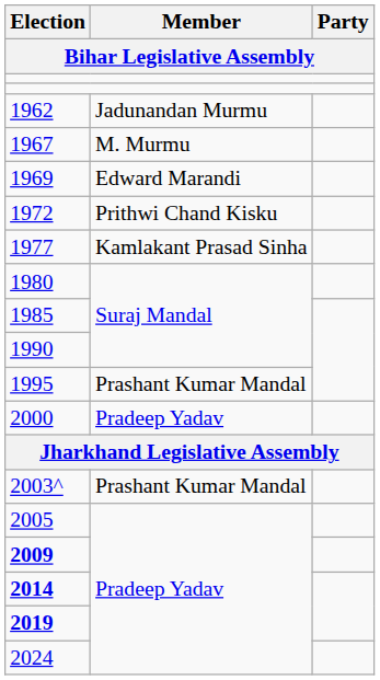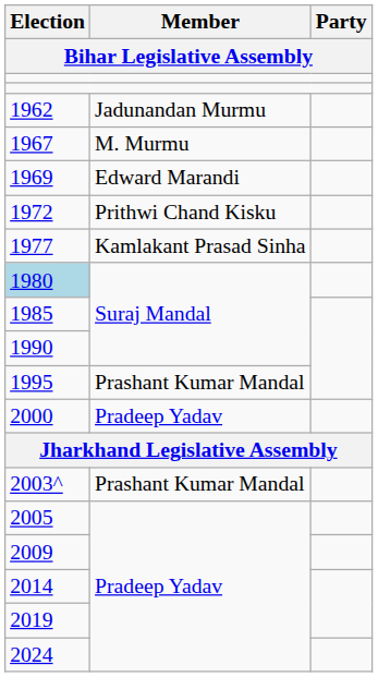 <table class="wikitable sortable">
 <tr>
 <th>Election</th>
 <th>Member</th>
 <th colspan=2>Party</th>
 </tr>
 <tr>
 <th colspan=4><a href='#'>Bihar Legislative Assembly</a></th>
 </tr>
 <tr>
 <td colspan="4"></td>
 </tr>
 <tr>
 <td colspan="4"></td>
 </tr>
 <tr>
 <td><a href='#'>1962</a></td>
 <td>Jadunandan Murmu</td>
 <td></td>
 </tr>
 <tr>
 <td><a href='#'>1967</a></td>
 <td>M. Murmu</td>
 <td></td>
 </tr>
 <tr>
 <td><a href='#'>1969</a></td>
 <td>Edward Marandi</td>
 <td></td>
 </tr>
 <tr>
 <td><a href='#'>1972</a></td>
 <td>Prithwi Chand Kisku</td>
 <td></td>
 </tr>
 <tr>
 <td><a href='#'>1977</a></td>
 <td>Kamlakant Prasad Sinha</td>
 <td></td>
 </tr>
 <tr>
-<td><a href='#'>1980</a></td>
+<td style="background: lightblue;"><a href='#'>1980</a></td>
 <td rowspan=3><a href='#'>Suraj Mandal</a></td>
 <td></td>
 </tr>
 <tr>
 <td><a href='#'>1985</a></td>
 </tr>
 <tr>
 <td><a href='#'>1990</a></td>
 </tr>
 <tr>
 <td><a href='#'>1995</a></td>
 <td>Prashant Kumar Mandal</td>
 </tr>
 <tr>
 <td><a href='#'>2000</a></td>
 <td><a href='#'>Pradeep Yadav</a></td>
 <td></td>
 </tr>
 <tr>
 <th colspan=4><a href='#'>Jharkhand Legislative Assembly</a></th>
 </tr>
 <tr>
 <td><a href='#'>2003^</a></td>
 <td>Prashant Kumar Mandal</td>
 <td></td>
 </tr>
 <tr>
 <td><a href='#'>2005</a></td>
 <td rowspan=5><a href='#'>Pradeep Yadav</a></td>
 <td></td>
 </tr>
 <tr>
-<td><strong><a href='#'>2009</a></strong></td>
+<td><a href='#'>2009</a></td>
 <td></td>
 </tr>
 <tr>
-<td><strong><a href='#'>2014</a></strong></td>
+<td><a href='#'>2014</a></td>
 </tr>
 <tr>
-<td><strong><a href='#'>2019</a></strong></td>
+<td><a href='#'>2019</a></td>
 </tr>
 <tr>
 <td><a href='#'>2024</a></td>
 <td></td>
 </tr>
 </table>
